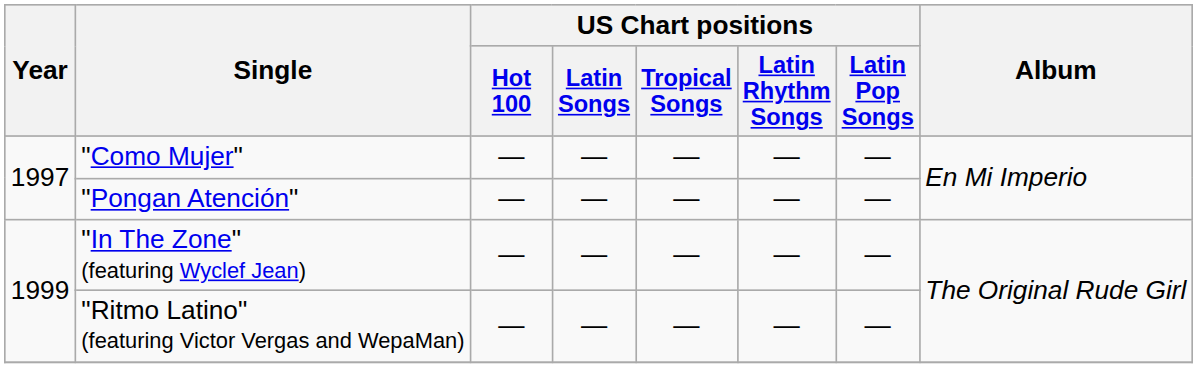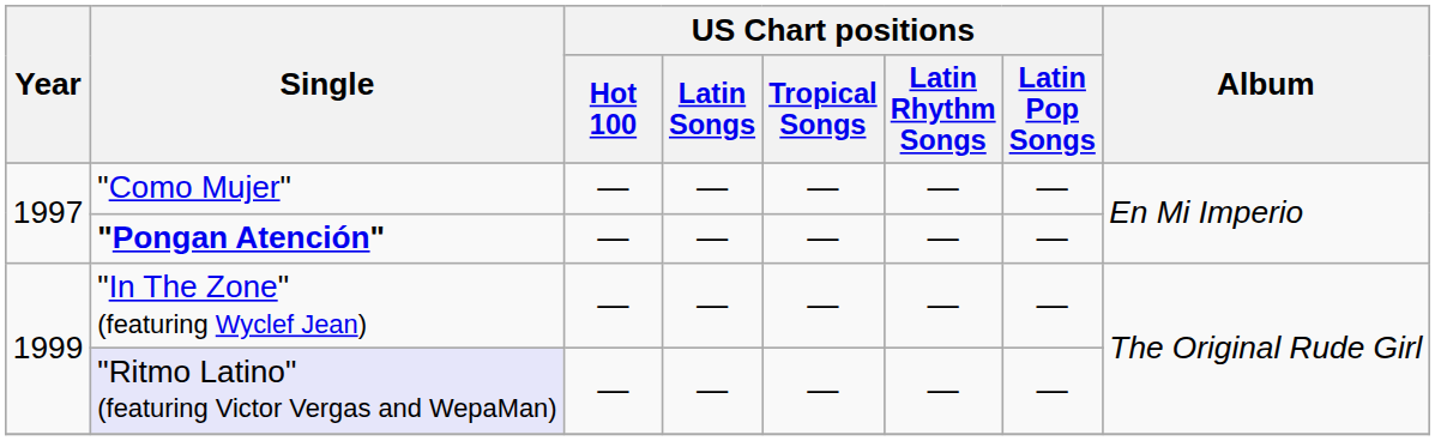 <table class="wikitable">
 <tr>
 <th rowspan="2">Year</th>
 <th rowspan="2">Single</th>
 <th colspan="5">US Chart positions</th>
 <th rowspan="2">Album</th>
 </tr>
 <tr>
 <th style="width:3em;font-size:90%"><a href='#'>Hot 100</a></th>
 <th style="width:3em;font-size:90%"><a href='#'>Latin Songs</a></th>
 <th style="width:3em;font-size:90%"><a href='#'>Tropical Songs</a></th>
 <th style="width:3em;font-size:90%"><a href='#'>Latin Rhythm Songs</a></th>
 <th style="width:3em;font-size:90%"><a href='#'>Latin Pop Songs</a></th>
 </tr>
 <tr>
 <td rowspan="2">1997</td>
 <td>"<a href='#'>Como Mujer</a>"</td>
 <td align="center">—</td>
 <td align="center">—</td>
 <td align="center">—</td>
 <td align="center">—</td>
 <td align="center">—</td>
 <td rowspan="2"><em>En Mi Imperio</em></td>
 </tr>
 <tr>
-<td>"<a href='#'>Pongan Atención</a>"</td>
+<td><strong>"<a href='#'>Pongan Atención</a>"</strong></td>
 <td align="center">—</td>
 <td align="center">—</td>
 <td align="center">—</td>
 <td align="center">—</td>
 <td align="center">—</td>
 </tr>
 <tr>
 <td rowspan="2">1999</td>
 <td>"<a href='#'>In The Zone</a>" <br><small>(featuring <a href='#'>Wyclef Jean</a>)</small></td>
 <td align="center">—</td>
 <td align="center">—</td>
 <td align="center">—</td>
 <td align="center">—</td>
 <td align="center">—</td>
 <td rowspan="2"><em>The Original Rude Girl</em></td>
 </tr>
 <tr>
-<td>"Ritmo Latino" <br> <small>(featuring Victor Vergas and WepaMan)</small></td>
+<td style="background: lavender;">"Ritmo Latino" <br> <small>(featuring Victor Vergas and WepaMan)</small></td>
 <td align="center">—</td>
 <td align="center">—</td>
 <td align="center">—</td>
 <td align="center">—</td>
 <td align="center">—</td>
 </tr>
 <tr>
 </tr>
 </table>
